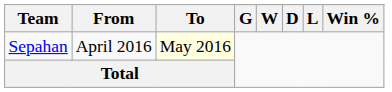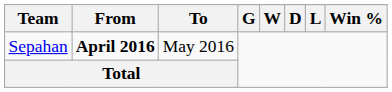 <table class="wikitable" style="text-align: center">
 <tr>
 <th rowspan="2">Team</th>
 <th rowspan="2">From</th>
 <th rowspan="2">To</th>
 </tr>
 <tr>
 <th>G</th>
 <th>W</th>
 <th>D</th>
 <th>L</th>
 <th>Win %</th>
 </tr>
 <tr>
 <td><a href='#'>Sepahan</a></td>
-<td align="left">April 2016</td>
-<td align="left" style="background: lightyellow;">May 2016<br></td>
+<td align="left"><strong>April 2016</strong></td>
+<td align="left">May 2016<br></td>
 </tr>
 <tr>
 <th colspan="3">Total<br></th>
 </tr>
 </table>
